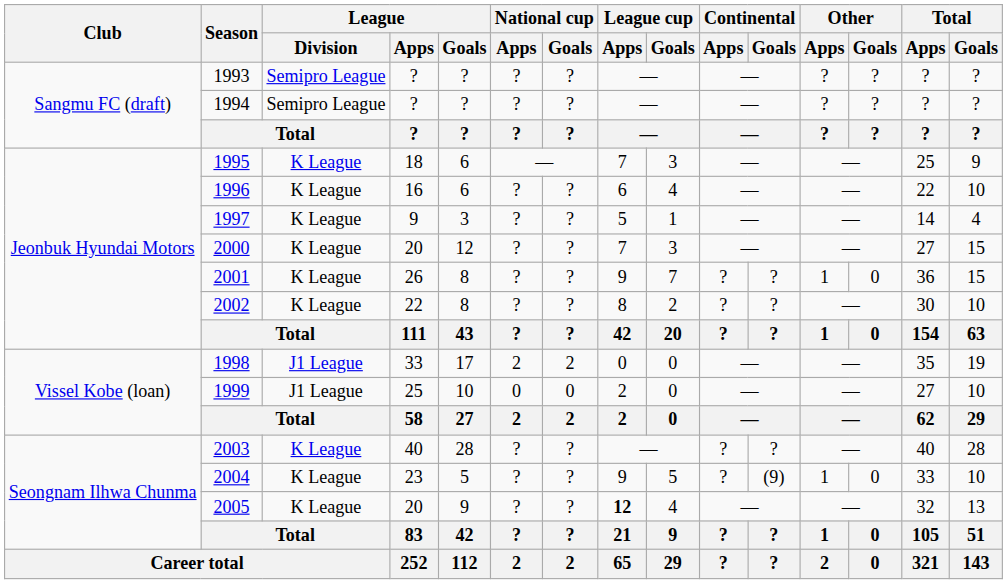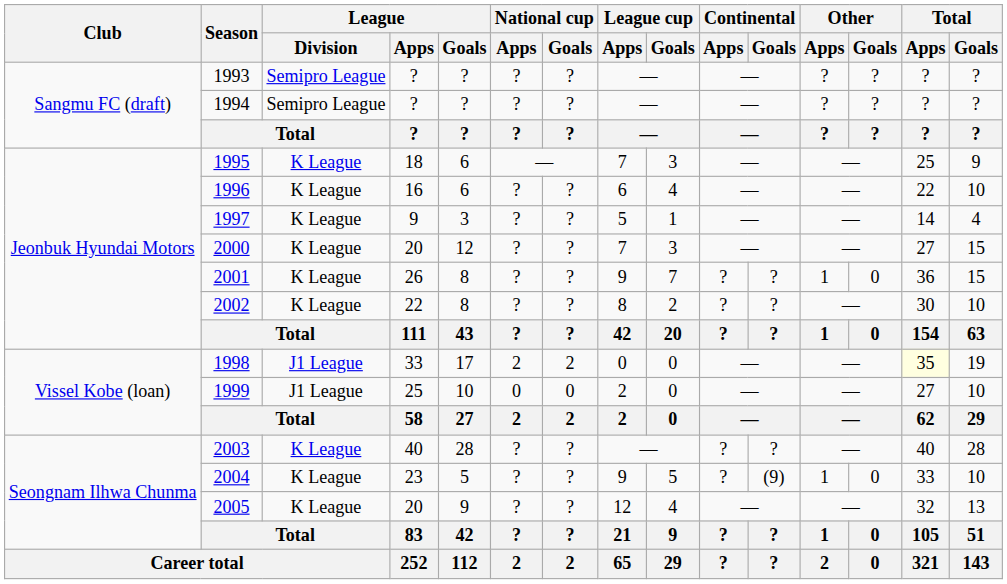 <table class="wikitable" style="text-align:center;">
 <tr>
 <th rowspan="2">Club</th>
 <th rowspan="2">Season</th>
 <th colspan="3">League</th>
 <th colspan="2">National cup</th>
 <th colspan="2">League cup</th>
 <th colspan="2">Continental</th>
 <th colspan="2">Other</th>
 <th colspan="2">Total</th>
 </tr>
 <tr>
 <th>Division</th>
 <th>Apps</th>
 <th>Goals</th>
 <th>Apps</th>
 <th>Goals</th>
 <th>Apps</th>
 <th>Goals</th>
 <th>Apps</th>
 <th>Goals</th>
 <th>Apps</th>
 <th>Goals</th>
 <th>Apps</th>
 <th>Goals</th>
 </tr>
 <tr>
 <td rowspan="3"><a href='#'>Sangmu FC</a> (<a href='#'>draft</a>)</td>
 <td>1993</td>
 <td><a href='#'>Semipro League</a></td>
 <td>?</td>
 <td>?</td>
 <td>?</td>
 <td>?</td>
 <td colspan="2">—</td>
 <td colspan="2">—</td>
 <td>?</td>
 <td>?</td>
 <td>?</td>
 <td>?</td>
 </tr>
 <tr>
 <td>1994</td>
 <td>Semipro League</td>
 <td>?</td>
 <td>?</td>
 <td>?</td>
 <td>?</td>
 <td colspan="2">—</td>
 <td colspan="2">—</td>
 <td>?</td>
 <td>?</td>
 <td>?</td>
 <td>?</td>
 </tr>
 <tr>
 <th colspan="2">Total</th>
 <th>?</th>
 <th>?</th>
 <th>?</th>
 <th>?</th>
 <th colspan="2">—</th>
 <th colspan="2">—</th>
 <th>?</th>
 <th>?</th>
 <th>?</th>
 <th>?</th>
 </tr>
 <tr>
 <td rowspan="7"><a href='#'>Jeonbuk Hyundai Motors</a></td>
 <td><a href='#'>1995</a></td>
 <td><a href='#'>K League</a></td>
 <td>18</td>
 <td>6</td>
 <td colspan="2">—</td>
 <td>7</td>
 <td>3</td>
 <td colspan="2">—</td>
 <td colspan="2">—</td>
 <td>25</td>
 <td>9</td>
 </tr>
 <tr>
 <td><a href='#'>1996</a></td>
 <td>K League</td>
 <td>16</td>
 <td>6</td>
 <td>?</td>
 <td>?</td>
 <td>6</td>
 <td>4</td>
 <td colspan="2">—</td>
 <td colspan="2">—</td>
 <td>22</td>
 <td>10</td>
 </tr>
 <tr>
 <td><a href='#'>1997</a></td>
 <td>K League</td>
 <td>9</td>
 <td>3</td>
 <td>?</td>
 <td>?</td>
 <td>5</td>
 <td>1</td>
 <td colspan="2">—</td>
 <td colspan="2">—</td>
 <td>14</td>
 <td>4</td>
 </tr>
 <tr>
 <td><a href='#'>2000</a></td>
 <td>K League</td>
 <td>20</td>
 <td>12</td>
 <td>?</td>
 <td>?</td>
 <td>7</td>
 <td>3</td>
 <td colspan="2">—</td>
 <td colspan="2">—</td>
 <td>27</td>
 <td>15</td>
 </tr>
 <tr>
 <td><a href='#'>2001</a></td>
 <td>K League</td>
 <td>26</td>
 <td>8</td>
 <td>?</td>
 <td>?</td>
 <td>9</td>
 <td>7</td>
 <td>?</td>
 <td>?</td>
 <td>1</td>
 <td>0</td>
 <td>36</td>
 <td>15</td>
 </tr>
 <tr>
 <td><a href='#'>2002</a></td>
 <td>K League</td>
 <td>22</td>
 <td>8</td>
 <td>?</td>
 <td>?</td>
 <td>8</td>
 <td>2</td>
 <td>?</td>
 <td>?</td>
 <td colspan="2">—</td>
 <td>30</td>
 <td>10</td>
 </tr>
 <tr>
 <th colspan="2">Total</th>
 <th>111</th>
 <th>43</th>
 <th>?</th>
 <th>?</th>
 <th>42</th>
 <th>20</th>
 <th>?</th>
 <th>?</th>
 <th>1</th>
 <th>0</th>
 <th>154</th>
 <th>63</th>
 </tr>
 <tr>
 <td rowspan="3"><a href='#'>Vissel Kobe</a> (loan)</td>
 <td><a href='#'>1998</a></td>
 <td><a href='#'>J1 League</a></td>
 <td>33</td>
 <td>17</td>
 <td>2</td>
 <td>2</td>
 <td>0</td>
 <td>0</td>
 <td colspan="2">—</td>
 <td colspan="2">—</td>
-<td>35</td>
+<td style="background: lightyellow;">35</td>
 <td>19</td>
 </tr>
 <tr>
 <td><a href='#'>1999</a></td>
 <td>J1 League</td>
 <td>25</td>
 <td>10</td>
 <td>0</td>
 <td>0</td>
 <td>2</td>
 <td>0</td>
 <td colspan="2">—</td>
 <td colspan="2">—</td>
 <td>27</td>
 <td>10</td>
 </tr>
 <tr>
 <th colspan="2">Total</th>
 <th>58</th>
 <th>27</th>
 <th>2</th>
 <th>2</th>
 <th>2</th>
 <th>0</th>
 <th colspan="2">—</th>
 <th colspan="2">—</th>
 <th>62</th>
 <th>29</th>
 </tr>
 <tr>
 <td rowspan="4"><a href='#'>Seongnam Ilhwa Chunma</a></td>
 <td><a href='#'>2003</a></td>
 <td><a href='#'>K League</a></td>
 <td>40</td>
 <td>28</td>
 <td>?</td>
 <td>?</td>
 <td colspan="2">—</td>
 <td>?</td>
 <td>?</td>
 <td colspan="2">—</td>
 <td>40</td>
 <td>28</td>
 </tr>
 <tr>
 <td><a href='#'>2004</a></td>
 <td>K League</td>
 <td>23</td>
 <td>5</td>
 <td>?</td>
 <td>?</td>
 <td>9</td>
 <td>5</td>
 <td>?</td>
 <td>(9)</td>
 <td>1</td>
 <td>0</td>
 <td>33</td>
 <td>10</td>
 </tr>
 <tr>
 <td><a href='#'>2005</a></td>
 <td>K League</td>
 <td>20</td>
 <td>9</td>
 <td>?</td>
 <td>?</td>
-<td><strong>12</strong></td>
+<td>12</td>
 <td>4</td>
 <td colspan="2">—</td>
 <td colspan="2">—</td>
 <td>32</td>
 <td>13</td>
 </tr>
 <tr>
 <th colspan="2">Total</th>
 <th>83</th>
 <th>42</th>
 <th>?</th>
 <th>?</th>
 <th>21</th>
 <th>9</th>
 <th>?</th>
 <th>?</th>
 <th>1</th>
 <th>0</th>
 <th>105</th>
 <th>51</th>
 </tr>
 <tr>
 <th colspan=3>Career total</th>
 <th>252</th>
 <th>112</th>
 <th>2</th>
 <th>2</th>
 <th>65</th>
 <th>29</th>
 <th>?</th>
 <th>?</th>
 <th>2</th>
 <th>0</th>
 <th>321</th>
 <th>143</th>
 </tr>
 </table>
